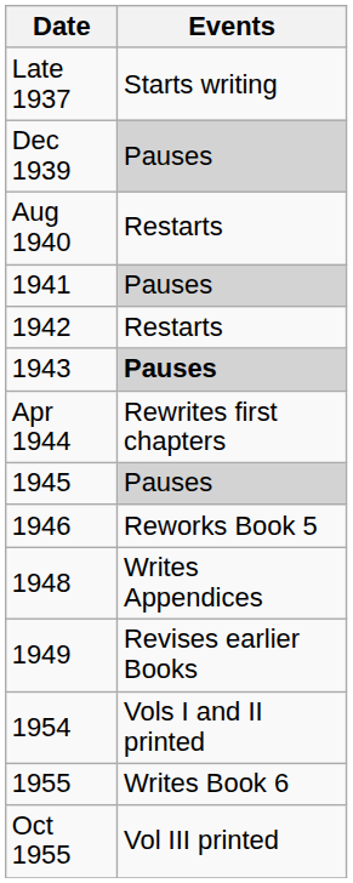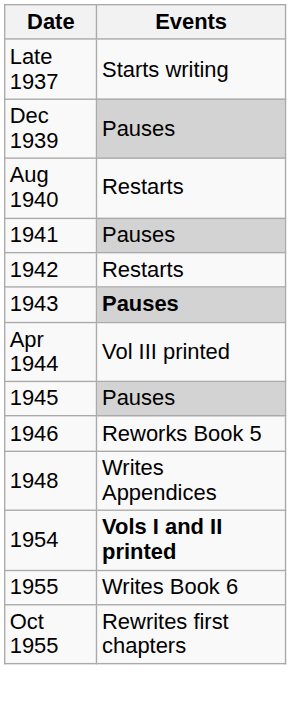 <table class="wikitable floatright">
 <tr>
 <th scope="col" style="width:  60px;">Date</th>
 <th scope="col" style="width: 130px;">Events</th>
 </tr>
 <tr>
 <td>Late 1937</td>
 <td>Starts writing</td>
 </tr>
 <tr>
 <td>Dec 1939</td>
 <td style="background:lightgray;">Pauses</td>
 </tr>
 <tr>
 <td>Aug 1940</td>
 <td>Restarts</td>
 </tr>
 <tr>
 <td>1941</td>
 <td style="background:lightgray;">Pauses</td>
 </tr>
 <tr>
 <td>1942</td>
 <td>Restarts</td>
 </tr>
 <tr>
 <td>1943</td>
 <td style="background:lightgray;"><strong>Pauses</strong></td>
 </tr>
 <tr>
 <td>Apr 1944</td>
-<td>Rewrites first chapters</td>
+<td>Vol III printed</td>
 </tr>
 <tr>
 <td>1945</td>
 <td style="background:lightgray;">Pauses</td>
 </tr>
 <tr>
 <td>1946</td>
 <td>Reworks Book 5</td>
 </tr>
 <tr>
 <td>1948</td>
 <td>Writes Appendices</td>
 </tr>
 <tr>
-<td>1949</td>
-<td>Revises earlier Books</td>
-</tr>
-<tr>
 <td>1954</td>
-<td>Vols I and II printed</td>
+<td><strong>Vols I and II printed</strong></td>
 </tr>
 <tr>
 <td>1955</td>
 <td>Writes Book 6</td>
 </tr>
 <tr>
 <td>Oct 1955</td>
-<td>Vol III printed</td>
+<td>Rewrites first chapters</td>
 </tr>
 </table>
